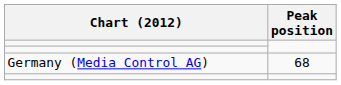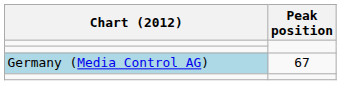 <table class="wikitable sortable">
 <tr>
 <th style="width:20em;">Chart (2012)</th>
 <th>Peak<br>position</th>
 </tr>
 <tr>
 <td></td>
 </tr>
 <tr>
 <td></td>
 </tr>
 <tr>
-<td>Germany (<a href='#'>Media Control AG</a>)</td>
-<td style="text-align:center;">68</td>
+<td style="background: lightblue;">Germany (<a href='#'>Media Control AG</a>)</td>
+<td style="text-align:center;">67</td>
 </tr>
 <tr>
 <td></td>
 </tr>
 </table>
